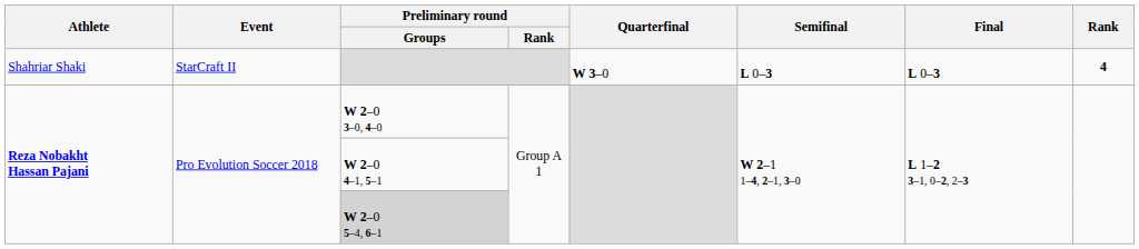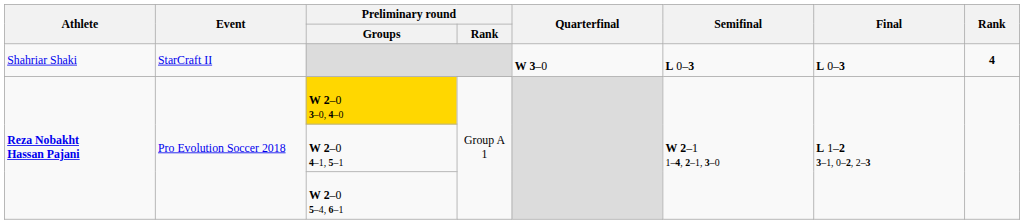 <table class="wikitable" width="98%" style="text-align:left; font-size:90%">
 <tr>
 <th rowspan="2" width="11%">Athlete</th>
 <th rowspan="2" width="11%">Event</th>
 <th colspan="2" width="15%">Preliminary round</th>
 <th rowspan="2" width="11%">Quarterfinal</th>
 <th rowspan="2" width="11%">Semifinal</th>
 <th rowspan="2" width="11%">Final</th>
 <th rowspan="2" width="4%">Rank</th>
 </tr>
 <tr>
 <th width="11%">Groups</th>
 <th>Rank</th>
 </tr>
 <tr>
 <td><a href='#'>Shahriar Shaki</a></td>
 <td><a href='#'>StarCraft II</a></td>
 <td colspan="2" bgcolor=#DCDCDC></td>
 <td><br><strong>W</strong> <strong>3</strong>–0</td>
 <td><br><strong>L</strong> 0–<strong>3</strong></td>
 <td><br><strong>L</strong> 0–<strong>3</strong></td>
 <td align=center><strong>4</strong></td>
 </tr>
 <tr>
 <td rowspan="3"><strong><a href='#'>Reza Nobakht</a><br><a href='#'>Hassan Pajani</a></strong></td>
 <td rowspan="3"><a href='#'>Pro Evolution Soccer 2018</a></td>
-<td><br><strong>W</strong> <strong>2</strong>–0<br><small><strong>3</strong>–0, <strong>4</strong>–0</small></td>
+<td style="background: gold;"><br><strong>W</strong> <strong>2</strong>–0<br><small><strong>3</strong>–0, <strong>4</strong>–0</small></td>
 <td rowspan="3" align=center>Group A<br>1 <strong></strong></td>
 <td rowspan="3" bgcolor=#DCDCDC></td>
 <td rowspan="3"><br><strong>W</strong> <strong>2</strong>–1<br><small>1–<strong>4</strong>, <strong>2</strong>–1, <strong>3</strong>–0</small></td>
 <td rowspan="3"><br><strong>L</strong> 1–<strong>2</strong><br><small><strong>3</strong>–1, 0–<strong>2</strong>, 2–<strong>3</strong></small></td>
 <td rowspan="3" align=center></td>
 </tr>
 <tr>
 <td><br><strong>W</strong> <strong>2</strong>–0<br><small><strong>4</strong>–1, <strong>5</strong>–1</small></td>
 </tr>
 <tr>
-<td style="background: lightgrey;"><br><strong>W</strong> <strong>2</strong>–0<br><small><strong>5</strong>–4, <strong>6</strong>–1</small></td>
+<td><br><strong>W</strong> <strong>2</strong>–0<br><small><strong>5</strong>–4, <strong>6</strong>–1</small></td>
 </tr>
 </table>
